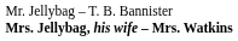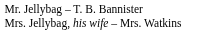 <table style="text-align: left; margin-left: 0em;" border=0 cellpadding=0>
 <tr>
 <td>Mr. Jellybag – T. B. Bannister</td>
 </tr>
 <tr>
-<td><strong>Mrs. Jellybag,<em> his wife</em> – Mrs. Watkins</strong></td>
+<td>Mrs. Jellybag,<em> his wife</em> – Mrs. Watkins</td>
 </tr>
 </table>
